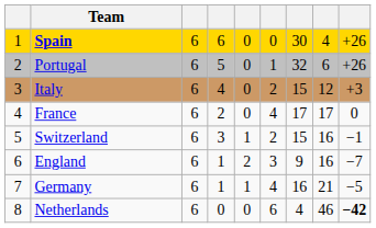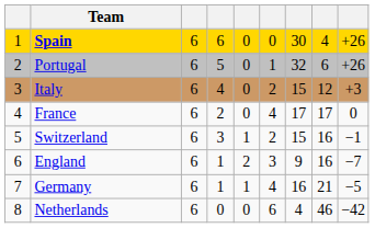 <table class="wikitable" style="text-align:center;">
 <tr>
 <th width=20></th>
 <th width=150>Team</th>
 <th width=20></th>
 <th width=20></th>
 <th width=20></th>
 <th width=20></th>
 <th width=20></th>
 <th width=20></th>
 <th width=20></th>
 </tr>
 <tr bgcolor="gold">
 <td>1</td>
 <td align="left"><strong> <a href='#'>Spain</a></strong></td>
 <td>6</td>
 <td>6</td>
 <td>0</td>
 <td>0</td>
 <td>30</td>
 <td>4</td>
 <td>+26</td>
 </tr>
 <tr bgcolor="silver">
 <td>2</td>
 <td align="left"> <a href='#'>Portugal</a></td>
 <td>6</td>
 <td>5</td>
 <td>0</td>
 <td>1</td>
 <td>32</td>
 <td>6</td>
 <td>+26</td>
 </tr>
 <tr bgcolor="#cc9966">
 <td>3</td>
 <td align="left"> <a href='#'>Italy</a></td>
 <td>6</td>
 <td>4</td>
 <td>0</td>
 <td>2</td>
 <td>15</td>
 <td>12</td>
 <td>+3</td>
 </tr>
 <tr>
 <td>4</td>
 <td align="left"> <a href='#'>France</a></td>
 <td>6</td>
 <td>2</td>
 <td>0</td>
 <td>4</td>
 <td>17</td>
 <td>17</td>
 <td>0</td>
 </tr>
 <tr>
 <td>5</td>
 <td align="left"> <a href='#'>Switzerland</a></td>
 <td>6</td>
 <td>3</td>
 <td>1</td>
 <td>2</td>
 <td>15</td>
 <td>16</td>
 <td>−1</td>
 </tr>
 <tr>
 <td>6</td>
 <td align="left"> <a href='#'>England</a></td>
 <td>6</td>
 <td>1</td>
 <td>2</td>
 <td>3</td>
 <td>9</td>
 <td>16</td>
 <td>−7</td>
 </tr>
 <tr>
 <td>7</td>
 <td align="left"> <a href='#'>Germany</a></td>
 <td>6</td>
 <td>1</td>
 <td>1</td>
 <td>4</td>
 <td>16</td>
 <td>21</td>
 <td>−5</td>
 </tr>
 <tr>
 <td>8</td>
 <td align="left"> <a href='#'>Netherlands</a></td>
 <td>6</td>
 <td>0</td>
 <td>0</td>
 <td>6</td>
 <td>4</td>
 <td>46</td>
-<td><strong>−42</strong></td>
+<td>−42</td>
 </tr>
 </table>
